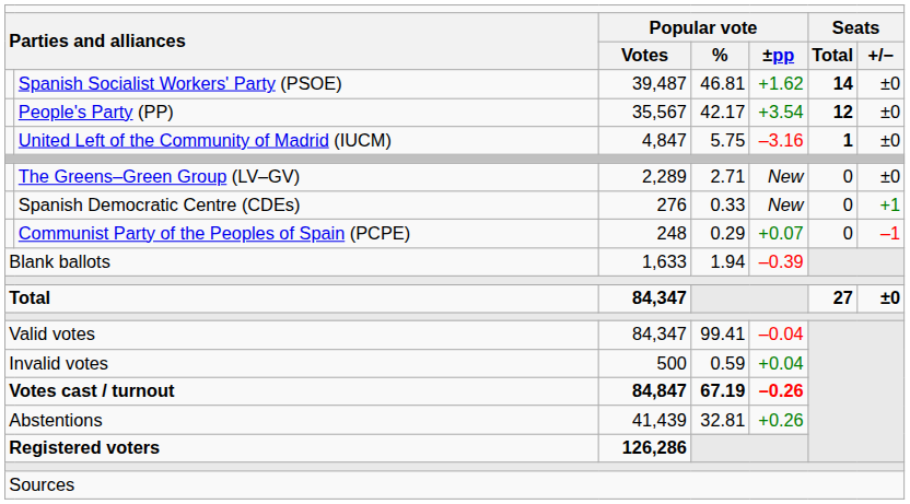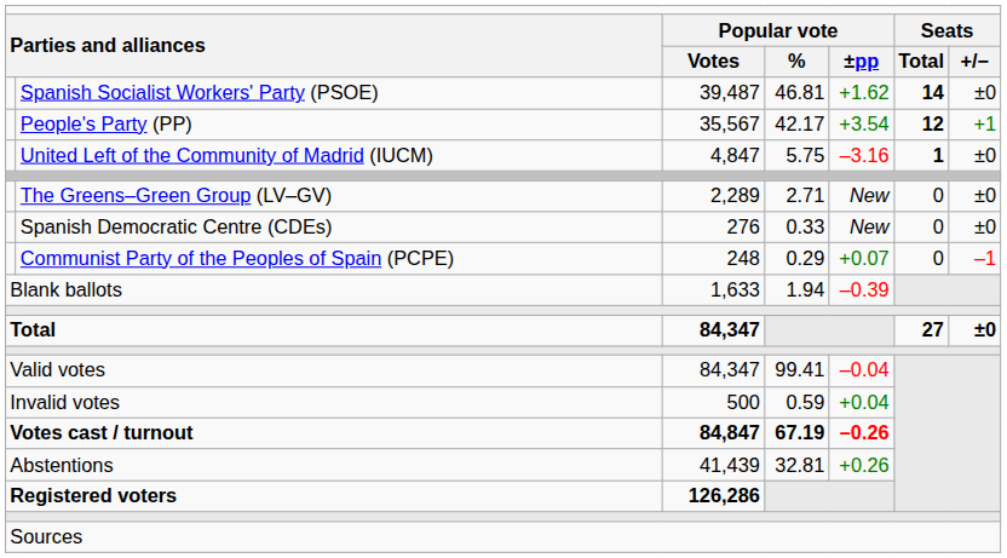 <table class="wikitable" style="text-align:right;">
 <tr>
 <td colspan="7"></td>
 </tr>
 <tr>
 <th style="text-align:left;" rowspan="2" colspan="2" width="525">Parties and alliances</th>
 <th colspan="3">Popular vote</th>
 <th colspan="2">Seats</th>
 </tr>
 <tr>
 <th width="75">Votes</th>
 <th width="45">%</th>
 <th width="45">±<a href='#'>pp</a></th>
 <th width="35">Total</th>
 <th width="35">+/−</th>
 </tr>
 <tr>
 <td width="1" style="color:inherit;background:"></td>
 <td align="left"><a href='#'>Spanish Socialist Workers' Party</a> (PSOE)</td>
 <td>39,487</td>
 <td>46.81</td>
 <td style="color:green;">+1.62</td>
 <td><strong>14</strong></td>
 <td>±0</td>
 </tr>
 <tr>
 <td style="color:inherit;background:"></td>
 <td align="left"><a href='#'>People's Party</a> (PP)</td>
 <td>35,567</td>
 <td>42.17</td>
 <td style="color:green;">+3.54</td>
 <td><strong>12</strong></td>
-<td>±0</td>
+<td style="color:green;">+1</td>
 </tr>
 <tr>
 <td style="color:inherit;background:"></td>
 <td align="left"><a href='#'>United Left of the Community of Madrid</a> (IUCM)</td>
 <td>4,847</td>
 <td>5.75</td>
 <td style="color:red;">–3.16</td>
 <td><strong>1</strong></td>
 <td>±0</td>
 </tr>
 <tr>
 <td colspan="7" bgcolor="#C0C0C0"></td>
 </tr>
 <tr>
 <td style="color:inherit;background:"></td>
 <td align="left"><a href='#'>The Greens–Green Group</a> (LV–GV)</td>
 <td>2,289</td>
 <td>2.71</td>
 <td><em>New</em></td>
 <td>0</td>
 <td>±0</td>
 </tr>
 <tr>
 <td style="color:inherit;background:"></td>
 <td align="left">Spanish Democratic Centre (CDEs)</td>
 <td>276</td>
 <td>0.33</td>
 <td><em>New</em></td>
 <td>0</td>
-<td style="color:green;">+1</td>
+<td>±0</td>
 </tr>
 <tr>
 <td style="color:inherit;background:"></td>
 <td align="left"><a href='#'>Communist Party of the Peoples of Spain</a> (PCPE)</td>
 <td>248</td>
 <td>0.29</td>
 <td style="color:green;">+0.07</td>
 <td>0</td>
 <td style="color:red;">–1</td>
 </tr>
 <tr>
 <td align="left" colspan="2">Blank ballots</td>
 <td>1,633</td>
 <td>1.94</td>
 <td style="color:red;">–0.39</td>
 <td bgcolor="#E9E9E9" colspan="2"></td>
 </tr>
 <tr>
 <td colspan="7" bgcolor="#E9E9E9"></td>
 </tr>
 <tr style="font-weight:bold;">
 <td align="left" colspan="2">Total</td>
 <td>84,347</td>
 <td bgcolor="#E9E9E9" colspan="2"></td>
 <td>27</td>
 <td>±0</td>
 </tr>
 <tr>
 <td colspan="7" bgcolor="#E9E9E9"></td>
 </tr>
 <tr>
 <td align="left" colspan="2">Valid votes</td>
 <td>84,347</td>
 <td>99.41</td>
 <td style="color:red;">–0.04</td>
 <td bgcolor="#E9E9E9" colspan="2" rowspan="5"></td>
 </tr>
 <tr>
 <td align="left" colspan="2">Invalid votes</td>
 <td>500</td>
 <td>0.59</td>
 <td style="color:green;">+0.04</td>
 </tr>
 <tr style="font-weight:bold;">
 <td align="left" colspan="2">Votes cast / turnout</td>
 <td>84,847</td>
 <td>67.19</td>
 <td style="color:red;">–0.26</td>
 </tr>
 <tr>
 <td align="left" colspan="2">Abstentions</td>
 <td>41,439</td>
 <td>32.81</td>
 <td style="color:green;">+0.26</td>
 </tr>
 <tr style="font-weight:bold;">
 <td align="left" colspan="2">Registered voters</td>
 <td>126,286</td>
 <td bgcolor="#E9E9E9" colspan="2"></td>
 </tr>
 <tr>
 <td colspan="7" bgcolor="#E9E9E9"></td>
 </tr>
 <tr>
 <td align="left" colspan="7">Sources</td>
 </tr>
 </table>
